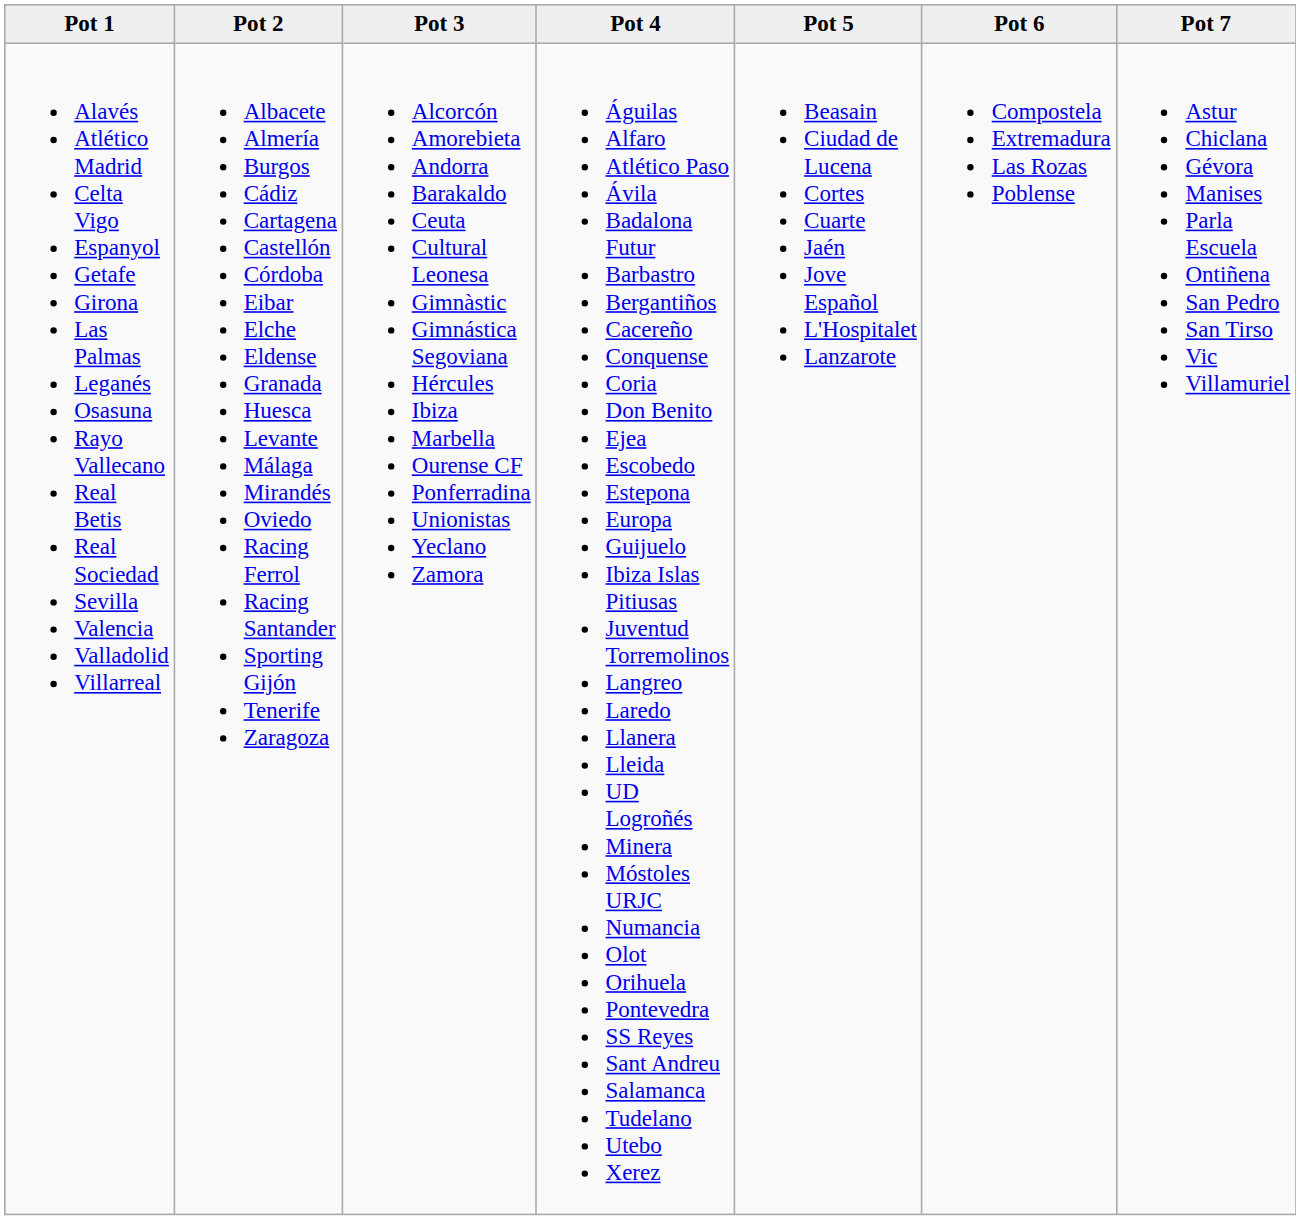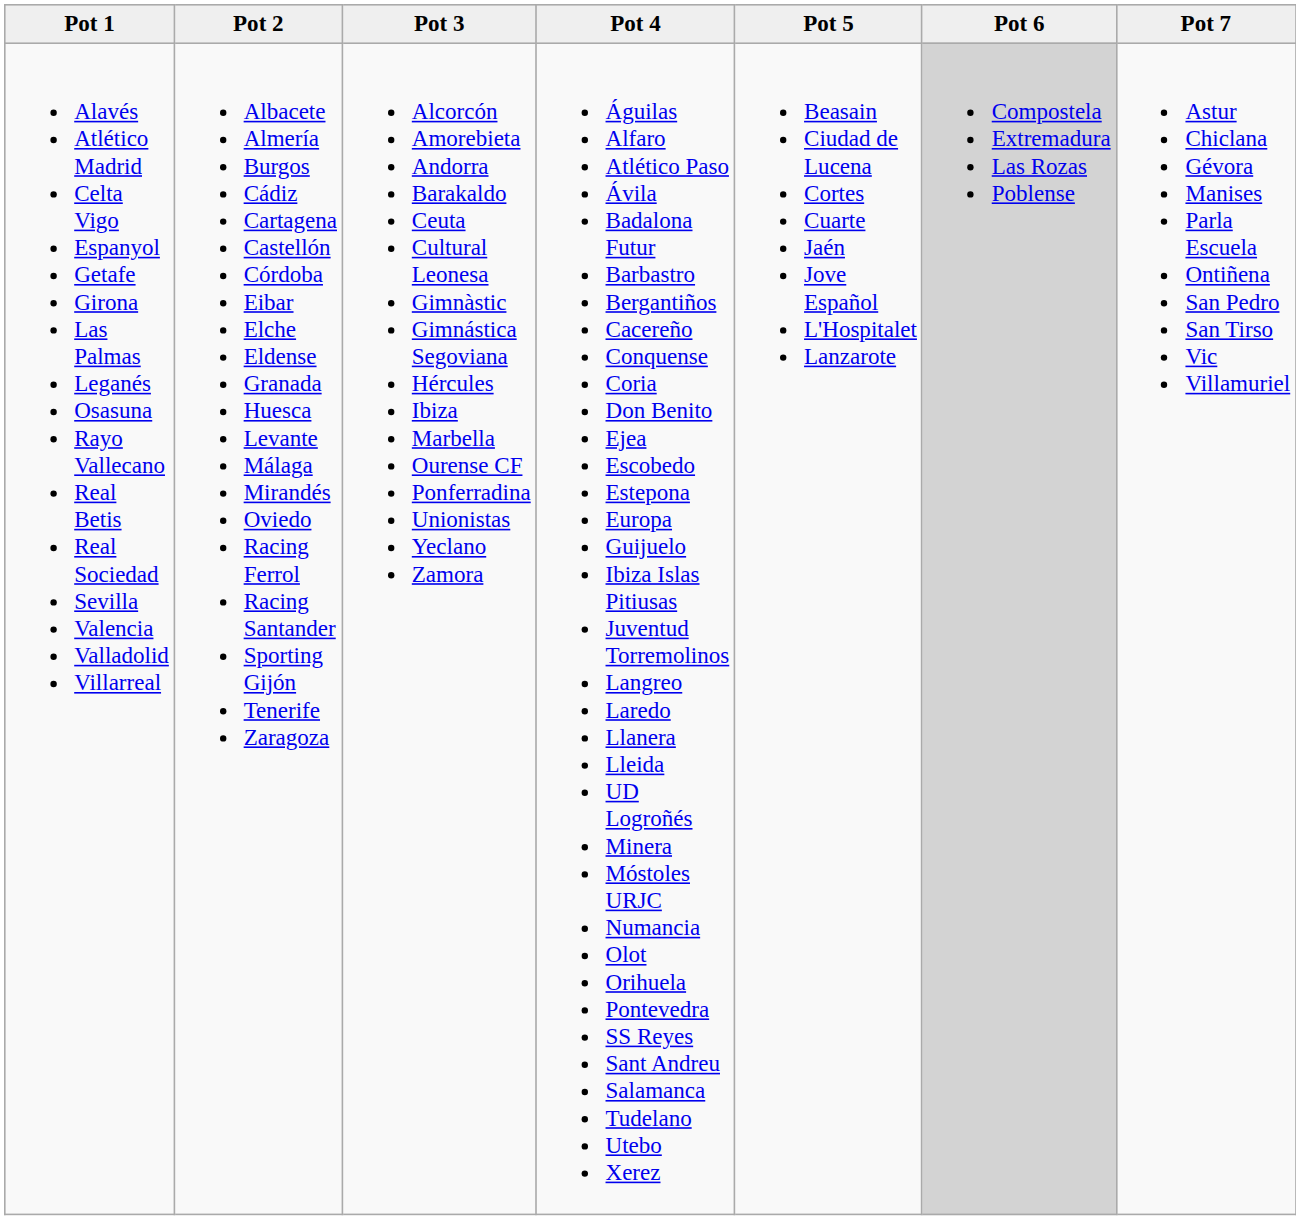 <table class="wikitable" style="font-size:90%">
 <tr bgcolor=#efefef align=center>
 <td width=15%><strong>Pot 1</strong><br></td>
 <td width=15%><strong>Pot 2</strong><br></td>
 <td width=15%><strong>Pot 3</strong><br></td>
 <td width=15%><strong>Pot 4</strong><br></td>
 <td width=15%><strong>Pot 5</strong><br></td>
 <td width=15%><strong>Pot 6</strong><br></td>
 <td width=15%><strong>Pot 7</strong><br></td>
 </tr>
 <tr valign=top>
 <td><br><ul><li><a href='#'>Alavés</a></li><li><a href='#'>Atlético Madrid</a></li><li><a href='#'>Celta Vigo</a></li><li><a href='#'>Espanyol</a></li><li><a href='#'>Getafe</a></li><li><a href='#'>Girona</a></li><li><a href='#'>Las Palmas</a></li><li><a href='#'>Leganés</a></li><li><a href='#'>Osasuna</a></li><li><a href='#'>Rayo Vallecano</a></li><li><a href='#'>Real Betis</a></li><li><a href='#'>Real Sociedad</a></li><li><a href='#'>Sevilla</a></li><li><a href='#'>Valencia</a></li><li><a href='#'>Valladolid</a></li><li><a href='#'>Villarreal</a></li></ul></td>
 <td><br><ul><li><a href='#'>Albacete</a></li><li><a href='#'>Almería</a></li><li><a href='#'>Burgos</a></li><li><a href='#'>Cádiz</a></li><li><a href='#'>Cartagena</a></li><li><a href='#'>Castellón</a></li><li><a href='#'>Córdoba</a></li><li><a href='#'>Eibar</a></li><li><a href='#'>Elche</a></li><li><a href='#'>Eldense</a></li><li><a href='#'>Granada</a></li><li><a href='#'>Huesca</a></li><li><a href='#'>Levante</a></li><li><a href='#'>Málaga</a></li><li><a href='#'>Mirandés</a></li><li><a href='#'>Oviedo</a></li><li><a href='#'>Racing Ferrol</a></li><li><a href='#'>Racing Santander</a></li><li><a href='#'>Sporting Gijón</a></li><li><a href='#'>Tenerife</a></li><li><a href='#'>Zaragoza</a></li></ul></td>
 <td><br><ul><li><a href='#'>Alcorcón</a></li><li><a href='#'>Amorebieta</a></li><li><a href='#'>Andorra</a></li><li><a href='#'>Barakaldo</a></li><li><a href='#'>Ceuta</a></li><li><a href='#'>Cultural Leonesa</a></li><li><a href='#'>Gimnàstic</a></li><li><a href='#'>Gimnástica Segoviana</a></li><li><a href='#'>Hércules</a></li><li><a href='#'>Ibiza</a></li><li><a href='#'>Marbella</a></li><li><a href='#'>Ourense CF</a></li><li><a href='#'>Ponferradina</a></li><li><a href='#'>Unionistas</a></li><li><a href='#'>Yeclano</a></li><li><a href='#'>Zamora</a></li></ul></td>
 <td><br><ul><li><a href='#'>Águilas</a></li><li><a href='#'>Alfaro</a></li><li><a href='#'>Atlético Paso</a></li><li><a href='#'>Ávila</a></li><li><a href='#'>Badalona Futur</a></li><li><a href='#'>Barbastro</a></li><li><a href='#'>Bergantiños</a></li><li><a href='#'>Cacereño</a></li><li><a href='#'>Conquense</a></li><li><a href='#'>Coria</a></li><li><a href='#'>Don Benito</a></li><li><a href='#'>Ejea</a></li><li><a href='#'>Escobedo</a></li><li><a href='#'>Estepona</a></li><li><a href='#'>Europa</a></li><li><a href='#'>Guijuelo</a></li><li><a href='#'>Ibiza Islas Pitiusas</a></li><li><a href='#'>Juventud Torremolinos</a></li><li><a href='#'>Langreo</a></li><li><a href='#'>Laredo</a></li><li><a href='#'>Llanera</a></li><li><a href='#'>Lleida</a></li><li><a href='#'>UD Logroñés</a></li><li><a href='#'>Minera</a></li><li><a href='#'>Móstoles URJC</a></li><li><a href='#'>Numancia</a></li><li><a href='#'>Olot</a></li><li><a href='#'>Orihuela</a></li><li><a href='#'>Pontevedra</a></li><li><a href='#'>SS Reyes</a></li><li><a href='#'>Sant Andreu</a></li><li><a href='#'>Salamanca</a></li><li><a href='#'>Tudelano</a></li><li><a href='#'>Utebo</a></li><li><a href='#'>Xerez</a></li></ul></td>
 <td><br><ul><li><a href='#'>Beasain</a></li><li><a href='#'>Ciudad de Lucena</a></li><li><a href='#'>Cortes</a></li><li><a href='#'>Cuarte</a></li><li><a href='#'>Jaén</a></li><li><a href='#'>Jove Español</a></li><li><a href='#'>L'Hospitalet</a></li><li><a href='#'>Lanzarote</a></li></ul></td>
-<td><br><ul><li><a href='#'>Compostela</a></li><li><a href='#'>Extremadura</a></li><li><a href='#'>Las Rozas</a></li><li><a href='#'>Poblense</a></li></ul></td>
+<td style="background: lightgrey;"><br><ul><li><a href='#'>Compostela</a></li><li><a href='#'>Extremadura</a></li><li><a href='#'>Las Rozas</a></li><li><a href='#'>Poblense</a></li></ul></td>
 <td><br><ul><li><a href='#'>Astur</a></li><li><a href='#'>Chiclana</a></li><li><a href='#'>Gévora</a></li><li><a href='#'>Manises</a></li><li><a href='#'>Parla Escuela</a></li><li><a href='#'>Ontiñena</a></li><li><a href='#'>San Pedro</a></li><li><a href='#'>San Tirso</a></li><li><a href='#'>Vic</a></li><li><a href='#'>Villamuriel</a></li></ul></td>
 </tr>
 </table>
